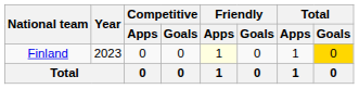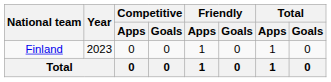 <table class="wikitable" style="text-align:center">
 <tr>
 <th rowspan="2">National team</th>
 <th rowspan="2">Year</th>
 <th colspan="2">Competitive</th>
 <th colspan="2">Friendly</th>
 <th colspan="2">Total</th>
 </tr>
 <tr>
 <th>Apps</th>
 <th>Goals</th>
 <th>Apps</th>
 <th>Goals</th>
 <th>Apps</th>
 <th>Goals</th>
 </tr>
 <tr>
 <td rowspan=1><a href='#'>Finland</a></td>
 <td>2023</td>
 <td>0</td>
 <td>0</td>
-<td style="background: lightyellow;">1</td>
+<td>1</td>
 <td>0</td>
 <td>1</td>
-<td style="background: gold;">0</td>
+<td>0</td>
 </tr>
 <tr>
 <th colspan=2>Total</th>
 <th>0</th>
 <th>0</th>
 <th>1</th>
 <th>0</th>
 <th>1</th>
 <th>0</th>
 </tr>
 </table>
